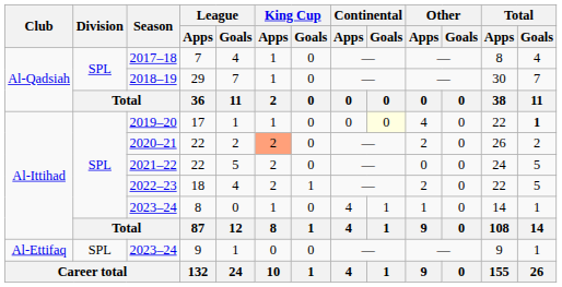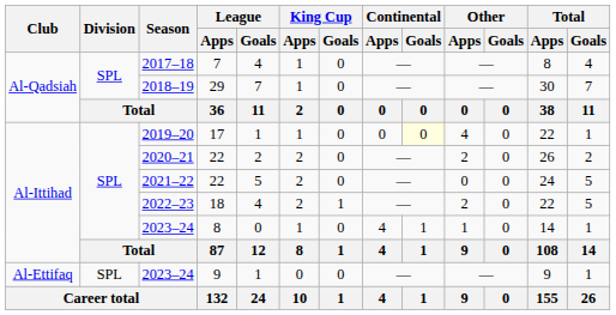 <table class="wikitable" style="text-align: center;">
 <tr>
 <th rowspan="2">Club</th>
 <th rowspan="2">Division</th>
 <th rowspan="2">Season</th>
 <th colspan="2">League</th>
 <th colspan="2"><a href='#'>King Cup</a></th>
 <th colspan="2">Continental</th>
 <th colspan="2">Other</th>
 <th colspan="2">Total</th>
 </tr>
 <tr>
 <th>Apps</th>
 <th>Goals</th>
 <th>Apps</th>
 <th>Goals</th>
 <th>Apps</th>
 <th>Goals</th>
 <th>Apps</th>
 <th>Goals</th>
 <th>Apps</th>
 <th>Goals</th>
 </tr>
 <tr>
 <td rowspan="3"><a href='#'>Al-Qadsiah</a></td>
 <td rowspan="2"><a href='#'>SPL</a></td>
 <td><a href='#'>2017–18</a></td>
 <td>7</td>
 <td>4</td>
 <td>1</td>
 <td>0</td>
 <td colspan="2">—</td>
 <td colspan="2">—</td>
 <td>8</td>
 <td>4</td>
 </tr>
 <tr>
 <td><a href='#'>2018–19</a></td>
 <td>29</td>
 <td>7</td>
 <td>1</td>
 <td>0</td>
 <td colspan="2">—</td>
 <td colspan="2">—</td>
 <td>30</td>
 <td>7</td>
 </tr>
 <tr>
 <th colspan="2">Total</th>
 <th>36</th>
 <th>11</th>
 <th>2</th>
 <th>0</th>
 <th>0</th>
 <th>0</th>
 <th>0</th>
 <th>0</th>
 <th>38</th>
 <th>11</th>
 </tr>
 <tr>
 <td rowspan="6"><a href='#'>Al-Ittihad</a></td>
 <td rowspan="5"><a href='#'>SPL</a></td>
 <td><a href='#'>2019–20</a></td>
 <td>17</td>
 <td>1</td>
 <td>1</td>
 <td>0</td>
 <td>0</td>
 <td style="background: lightyellow;">0</td>
 <td>4</td>
 <td>0</td>
 <td>22</td>
-<td><strong>1</strong></td>
+<td>1</td>
 </tr>
 <tr>
 <td><a href='#'>2020–21</a></td>
 <td>22</td>
 <td>2</td>
-<td style="background: lightsalmon;">2</td>
+<td>2</td>
 <td>0</td>
 <td colspan="2">—</td>
 <td>2</td>
 <td>0</td>
 <td>26</td>
 <td>2</td>
 </tr>
 <tr>
 <td><a href='#'>2021–22</a></td>
 <td>22</td>
 <td>5</td>
 <td>2</td>
 <td>0</td>
 <td colspan="2">—</td>
 <td>0</td>
 <td>0</td>
 <td>24</td>
 <td>5</td>
 </tr>
 <tr>
 <td><a href='#'>2022–23</a></td>
 <td>18</td>
 <td>4</td>
 <td>2</td>
 <td>1</td>
 <td colspan="2">—</td>
 <td>2</td>
 <td>0</td>
 <td>22</td>
 <td>5</td>
 </tr>
 <tr>
 <td><a href='#'>2023–24</a></td>
 <td>8</td>
 <td>0</td>
 <td>1</td>
 <td>0</td>
 <td>4</td>
 <td>1</td>
 <td>1</td>
 <td>0</td>
 <td>14</td>
 <td>1</td>
 </tr>
 <tr>
 <th colspan="2">Total</th>
 <th>87</th>
 <th>12</th>
 <th>8</th>
 <th>1</th>
 <th>4</th>
 <th>1</th>
 <th>9</th>
 <th>0</th>
 <th>108</th>
 <th>14</th>
 </tr>
 <tr>
 <td rowspan="1"><a href='#'>Al-Ettifaq</a></td>
 <td rowspan="1">SPL</td>
 <td><a href='#'>2023–24</a></td>
 <td>9</td>
 <td>1</td>
 <td>0</td>
 <td>0</td>
 <td colspan="2">—</td>
 <td colspan="2">—</td>
 <td>9</td>
 <td>1</td>
 </tr>
 <tr>
 <th colspan="3">Career total</th>
 <th>132</th>
 <th>24</th>
 <th>10</th>
 <th>1</th>
 <th>4</th>
 <th>1</th>
 <th>9</th>
 <th>0</th>
 <th>155</th>
 <th>26</th>
 </tr>
 </table>
